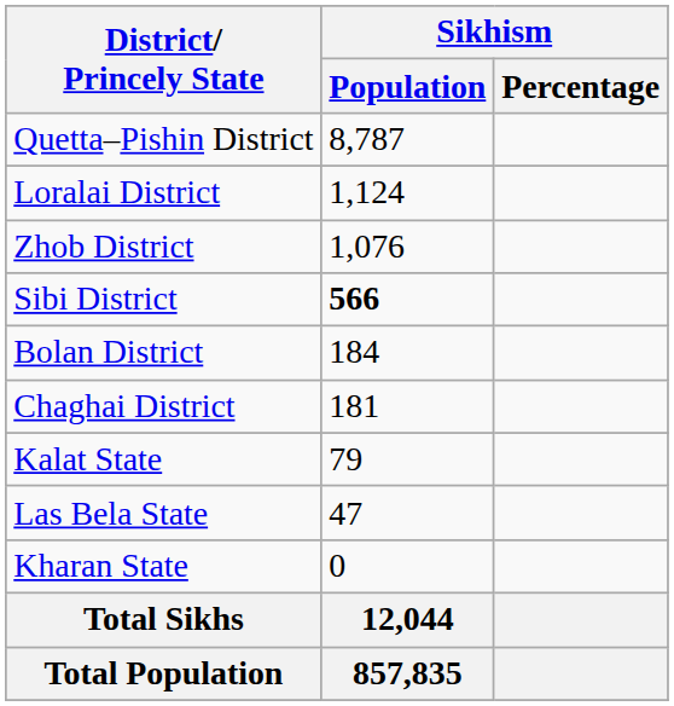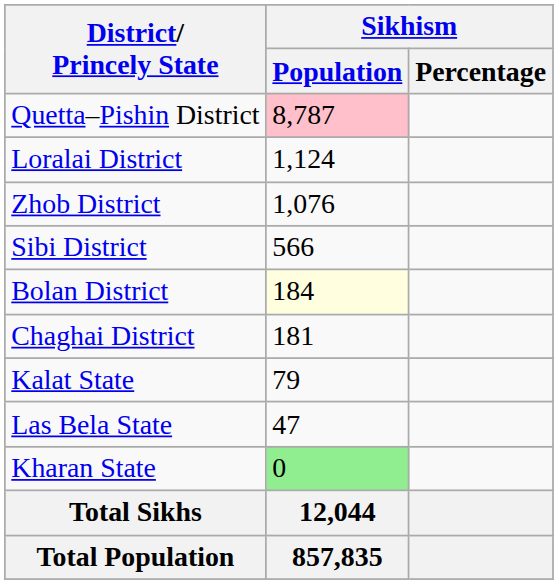 <table class="wikitable sortable">
 <tr>
 <th rowspan="2"><a href='#'>District</a>/<br><a href='#'>Princely State</a></th>
 <th colspan="2"><a href='#'>Sikhism</a> </th>
 </tr>
 <tr>
 <th><a href='#'>Population</a></th>
 <th>Percentage</th>
 </tr>
 <tr>
 <td><a href='#'>Quetta</a>–<a href='#'>Pishin</a> District</td>
-<td>8,787</td>
+<td style="background: pink;">8,787</td>
 <td></td>
 </tr>
 <tr>
 <td><a href='#'>Loralai District</a></td>
 <td>1,124</td>
 <td></td>
 </tr>
 <tr>
 <td><a href='#'>Zhob District</a></td>
 <td>1,076</td>
 <td></td>
 </tr>
 <tr>
 <td><a href='#'>Sibi District</a></td>
-<td><strong>566</strong></td>
+<td>566</td>
 <td></td>
 </tr>
 <tr>
 <td><a href='#'>Bolan District</a></td>
-<td>184</td>
+<td style="background: lightyellow;">184</td>
 <td></td>
 </tr>
 <tr>
 <td><a href='#'>Chaghai District</a></td>
 <td>181</td>
 <td></td>
 </tr>
 <tr>
 <td><a href='#'>Kalat State</a></td>
 <td>79</td>
 <td></td>
 </tr>
 <tr>
 <td><a href='#'>Las Bela State</a></td>
 <td>47</td>
 <td></td>
 </tr>
 <tr>
 <td><a href='#'>Kharan State</a></td>
-<td>0</td>
+<td style="background: lightgreen;">0</td>
 <td></td>
 </tr>
 <tr>
 <th>Total Sikhs</th>
 <th>12,044</th>
 <th></th>
 </tr>
 <tr>
 <th>Total Population</th>
 <th>857,835</th>
 <th></th>
 </tr>
 </table>
